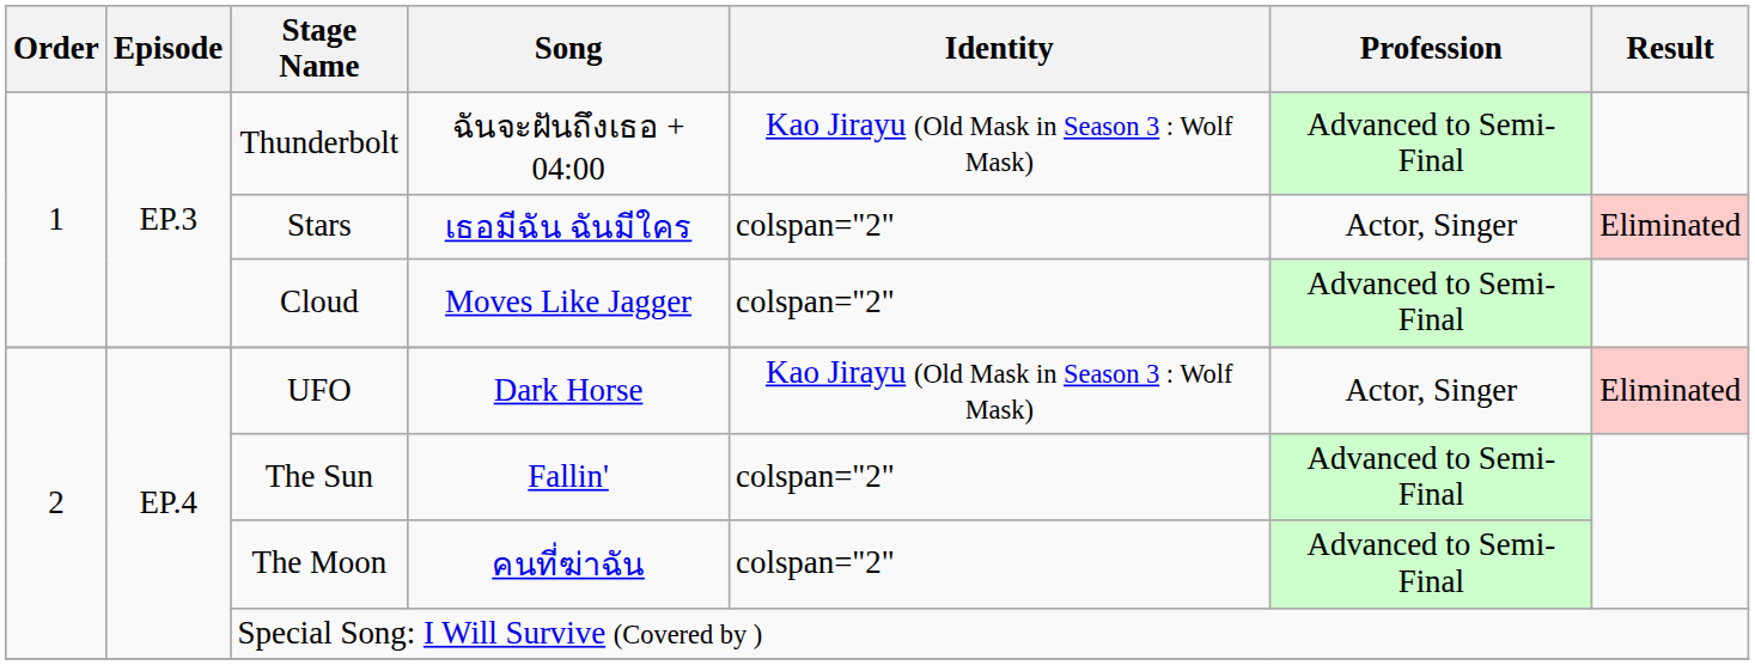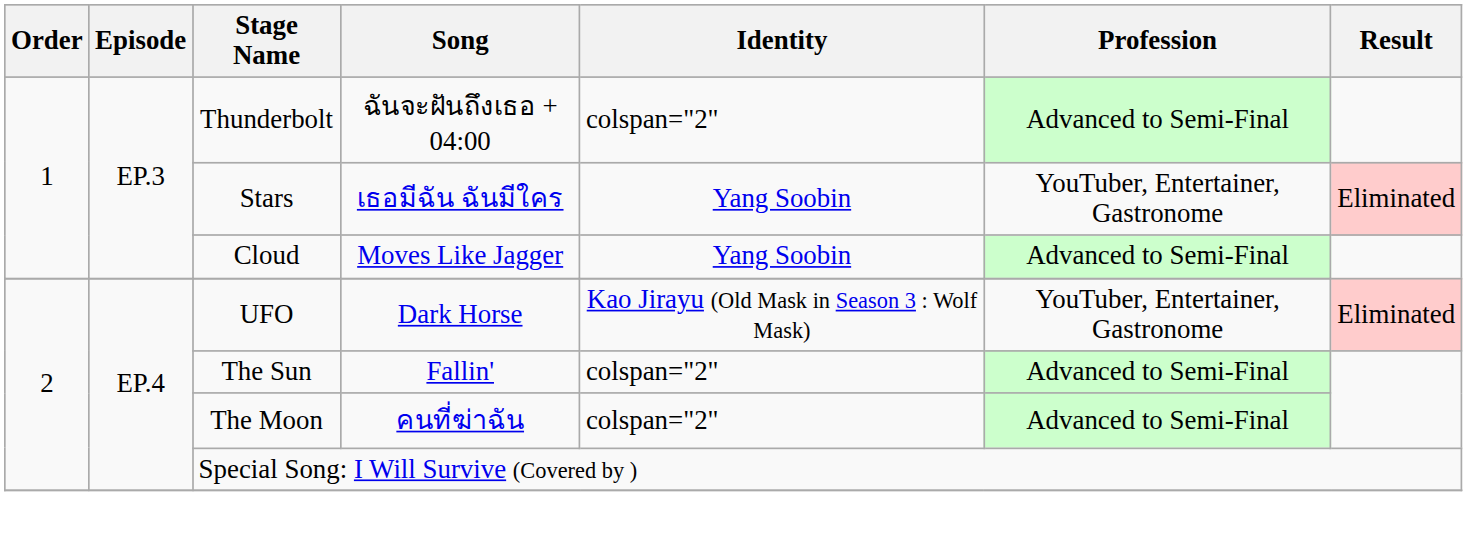 <table class="wikitable">
 <tr>
 <th>Order</th>
 <th>Episode</th>
 <th>Stage Name</th>
 <th>Song</th>
 <th>Identity</th>
 <th>Profession</th>
 <th>Result</th>
 </tr>
 <tr>
 <td rowspan="3" style="text-align:center;">1</td>
 <td rowspan="3" align="center">EP.3</td>
 <td style="text-align:center;">Thunderbolt</td>
 <td style="text-align:center;">ฉันจะฝันถึงเธอ + 04:00</td>
-<td style="text-align:center;"><a href='#'>Kao Jirayu</a> <small>(Old Mask in <a href='#'>Season 3</a> : Wolf Mask)</small></td>
+<td>colspan="2"  </td>
 <td style="text-align:center; background:#ccffcc;">Advanced to Semi-Final</td>
 </tr>
 <tr>
 <td style="text-align:center;">Stars</td>
 <td style="text-align:center;"><a href='#'>เธอมีฉัน ฉันมีใคร</a></td>
-<td>colspan="2"  </td>
-<td style="text-align:center;">Actor, Singer</td>
+<td style="text-align:center;"><a href='#'>Yang Soobin</a></td>
+<td style="text-align:center;">YouTuber, Entertainer, Gastronome</td>
 <td style="text-align:center; background:#ffcccc;">Eliminated</td>
 </tr>
 <tr>
 <td style="text-align:center;">Cloud</td>
 <td style="text-align:center;"><a href='#'>Moves Like Jagger</a></td>
-<td>colspan="2"  </td>
+<td style="text-align:center;"><a href='#'>Yang Soobin</a></td>
 <td style="text-align:center; background:#ccffcc;">Advanced to Semi-Final</td>
 </tr>
 <tr>
 </tr>
 <tr>
 <td rowspan="4" style="text-align:center;">2</td>
 <td rowspan="4" align="center">EP.4</td>
 <td style="text-align:center;">UFO</td>
 <td style="text-align:center;"><a href='#'>Dark Horse</a></td>
 <td style="text-align:center;"><a href='#'>Kao Jirayu</a> <small>(Old Mask in <a href='#'>Season 3</a> : Wolf Mask)</small></td>
-<td style="text-align:center;">Actor, Singer</td>
+<td style="text-align:center;">YouTuber, Entertainer, Gastronome</td>
 <td style="text-align:center; background:#ffcccc;">Eliminated</td>
 </tr>
 <tr>
 <td style="text-align:center;">The Sun</td>
 <td style="text-align:center;"><a href='#'>Fallin'</a></td>
 <td>colspan="2"  </td>
 <td style="text-align:center; background:#ccffcc;">Advanced to Semi-Final</td>
 </tr>
 <tr>
 <td style="text-align:center;">The Moon</td>
 <td style="text-align:center;"><a href='#'>คนที่ฆ่าฉัน</a></td>
 <td>colspan="2"  </td>
 <td style="text-align:center; background:#ccffcc;">Advanced to Semi-Final</td>
 </tr>
 <tr>
 <td colspan="5">Special Song: <a href='#'>I Will Survive</a> <small>(Covered by )</small></td>
 </tr>
 <tr>
 </tr>
 </table>
